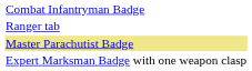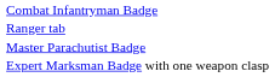 <table>
 <tr>
 <td> <a href='#'>Combat Infantryman Badge</a></td>
 </tr>
 <tr>
 <td> <a href='#'>Ranger tab</a></td>
 </tr>
 <tr>
-<td style="background: khaki;"> <a href='#'>Master Parachutist Badge</a></td>
+<td> <a href='#'>Master Parachutist Badge</a></td>
 </tr>
 <tr>
 <td> <a href='#'>Expert Marksman Badge</a> with one weapon clasp</td>
 </tr>
 </table>
